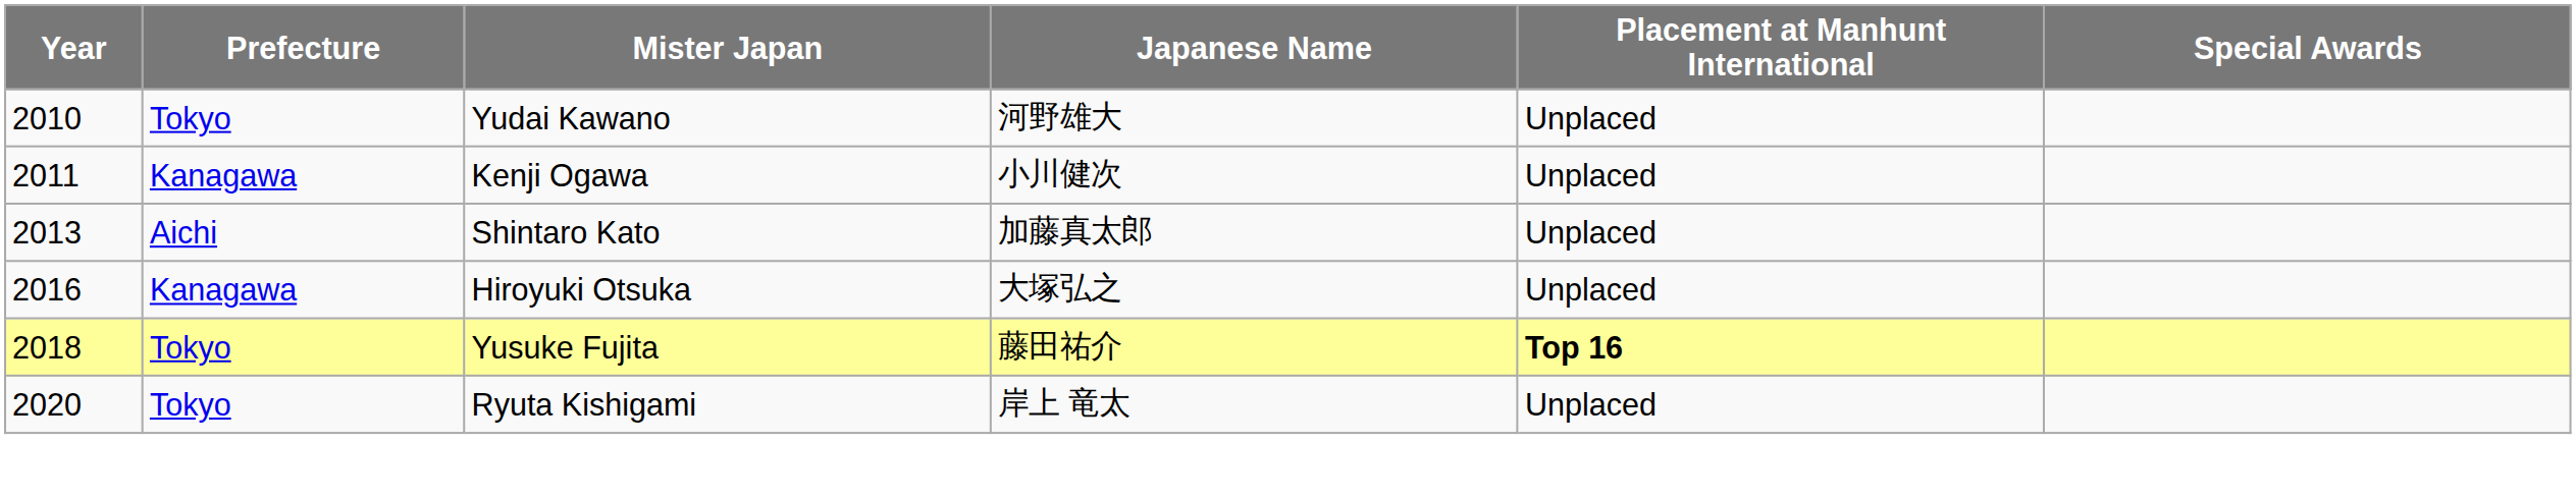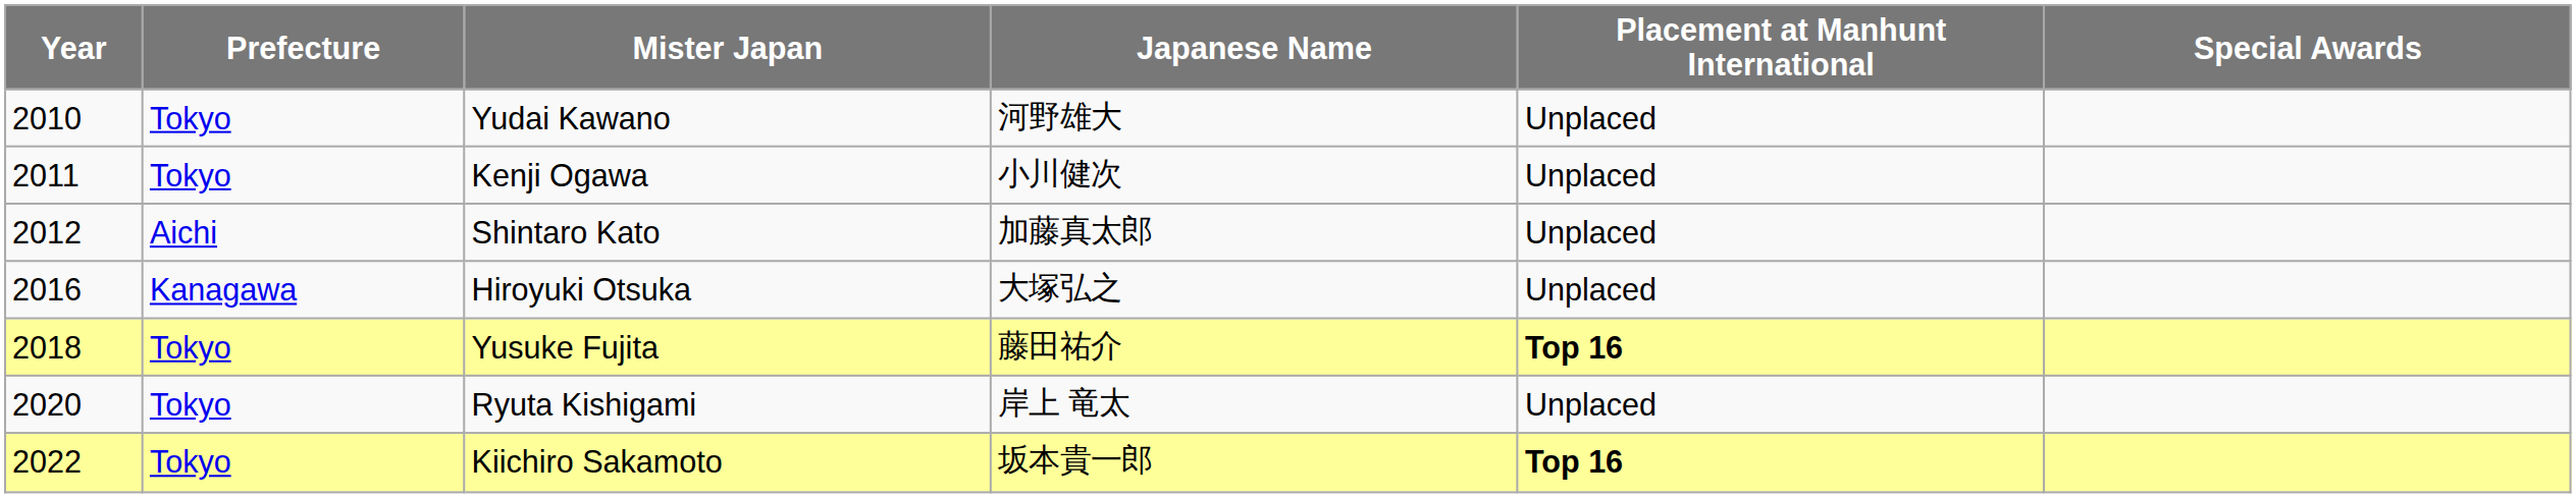 <table class="wikitable " style="font-size: 95%;">
 <tr>
 <th width="60" style="background-color:#787878;color:#FFFFFF;">Year</th>
 <th width="150" style="background-color:#787878;color:#FFFFFF;">Prefecture</th>
 <th width="250" style="background-color:#787878;color:#FFFFFF;">Mister Japan</th>
 <th width="250" style="background-color:#787878;color:#FFFFFF;">Japanese Name</th>
 <th width="250" style="background-color:#787878;color:#FFFFFF;">Placement at Manhunt International</th>
 <th width="250" style="background-color:#787878;color:#FFFFFF;">Special Awards</th>
 </tr>
 <tr>
 <td>2010</td>
 <td><a href='#'>Tokyo</a></td>
 <td>Yudai Kawano</td>
 <td>河野雄大</td>
 <td>Unplaced</td>
 <td></td>
 </tr>
 <tr>
 <td>2011</td>
-<td><a href='#'>Kanagawa</a></td>
+<td><a href='#'>Tokyo</a></td>
 <td>Kenji Ogawa</td>
 <td>小川健次</td>
 <td>Unplaced</td>
 <td></td>
 </tr>
 <tr>
-<td>2013</td>
+<td>2012</td>
 <td><a href='#'>Aichi</a></td>
 <td>Shintaro Kato</td>
 <td>加藤真太郎</td>
 <td>Unplaced</td>
 <td></td>
 </tr>
 <tr>
 <td>2016</td>
 <td><a href='#'>Kanagawa</a></td>
 <td>Hiroyuki Otsuka</td>
 <td>大塚弘之</td>
 <td>Unplaced</td>
 <td></td>
 </tr>
 <tr style="background-color:#FFFF99">
 <td>2018</td>
 <td><a href='#'>Tokyo</a></td>
 <td>Yusuke Fujita</td>
 <td>藤田祐介</td>
 <td><strong>Top 16</strong></td>
 <td></td>
 </tr>
 <tr>
 <td>2020</td>
 <td><a href='#'>Tokyo</a></td>
 <td>Ryuta Kishigami</td>
 <td>岸上 竜太</td>
 <td>Unplaced</td>
 <td></td>
 </tr>
+<tr style="background-color:#FFFF99">
+<td>2022</td>
+<td><a href='#'>Tokyo</a></td>
+<td>Kiichiro Sakamoto</td>
+<td>坂本貴一郎</td>
+<td><strong>Top 16</strong></td>
+<td></td>
+</tr>
 </table>
